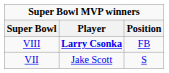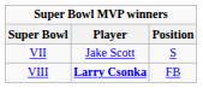 <table class="wikitable" style="text-align:center">
 <tr>
 <td colspan="3"><strong>Super Bowl MVP winners</strong></td>
 </tr>
 <tr>
 <th>Super Bowl</th>
 <th>Player</th>
 <th>Position</th>
 </tr>
 <tr>
+<td><a href='#'>VII</a></td>
+<td><a href='#'>Jake Scott</a></td>
+<td><a href='#'>S</a></td>
+</tr>
+<tr>
 <td><a href='#'>VIII</a></td>
 <td><strong><a href='#'>Larry Csonka</a></strong></td>
 <td><a href='#'>FB</a></td>
 </tr>
-<tr>
-<td><a href='#'>VII</a></td>
-<td><a href='#'>Jake Scott</a></td>
-<td><a href='#'>S</a></td>
-</tr>
 </table>
